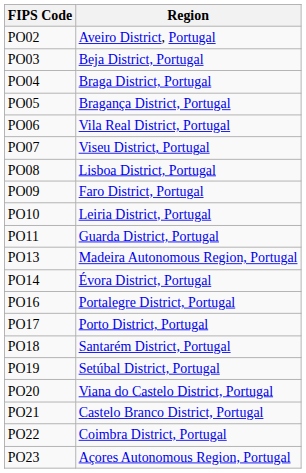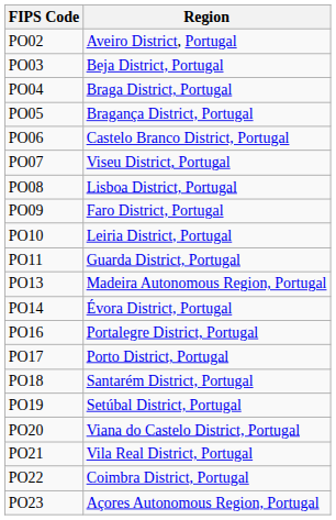 <table class="wikitable">
 <tr>
 <th>FIPS Code</th>
 <th>Region</th>
 </tr>
 <tr>
 <td>PO02</td>
 <td><a href='#'>Aveiro District</a>, <a href='#'>Portugal</a></td>
 </tr>
 <tr>
 <td>PO03</td>
 <td><a href='#'>Beja District, Portugal</a></td>
 </tr>
 <tr>
 <td>PO04</td>
 <td><a href='#'>Braga District, Portugal</a></td>
 </tr>
 <tr>
 <td>PO05</td>
 <td><a href='#'>Bragança District, Portugal</a></td>
 </tr>
 <tr>
 <td>PO06</td>
-<td><a href='#'>Vila Real District, Portugal</a></td>
+<td><a href='#'>Castelo Branco District, Portugal</a></td>
 </tr>
 <tr>
 <td>PO07</td>
 <td><a href='#'>Viseu District, Portugal</a></td>
 </tr>
 <tr>
 <td>PO08</td>
 <td><a href='#'>Lisboa District, Portugal</a></td>
 </tr>
 <tr>
 <td>PO09</td>
 <td><a href='#'>Faro District, Portugal</a></td>
 </tr>
 <tr>
 <td>PO10</td>
 <td><a href='#'>Leiria District, Portugal</a></td>
 </tr>
 <tr>
 <td>PO11</td>
 <td><a href='#'>Guarda District, Portugal</a></td>
 </tr>
 <tr>
 <td>PO13</td>
 <td><a href='#'>Madeira Autonomous Region, Portugal</a></td>
 </tr>
 <tr>
 <td>PO14</td>
 <td><a href='#'>Évora District, Portugal</a></td>
 </tr>
 <tr>
 <td>PO16</td>
 <td><a href='#'>Portalegre District, Portugal</a></td>
 </tr>
 <tr>
 <td>PO17</td>
 <td><a href='#'>Porto District, Portugal</a></td>
 </tr>
 <tr>
 <td>PO18</td>
 <td><a href='#'>Santarém District, Portugal</a></td>
 </tr>
 <tr>
 <td>PO19</td>
 <td><a href='#'>Setúbal District, Portugal</a></td>
 </tr>
 <tr>
 <td>PO20</td>
 <td><a href='#'>Viana do Castelo District, Portugal</a></td>
 </tr>
 <tr>
 <td>PO21</td>
-<td><a href='#'>Castelo Branco District, Portugal</a></td>
+<td><a href='#'>Vila Real District, Portugal</a></td>
 </tr>
 <tr>
 <td>PO22</td>
 <td><a href='#'>Coimbra District, Portugal</a></td>
 </tr>
 <tr>
 <td>PO23</td>
 <td><a href='#'>Açores Autonomous Region, Portugal</a></td>
 </tr>
 </table>
